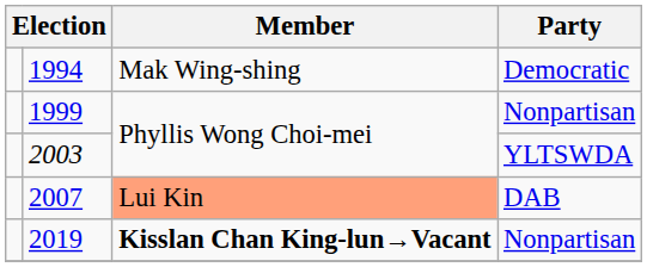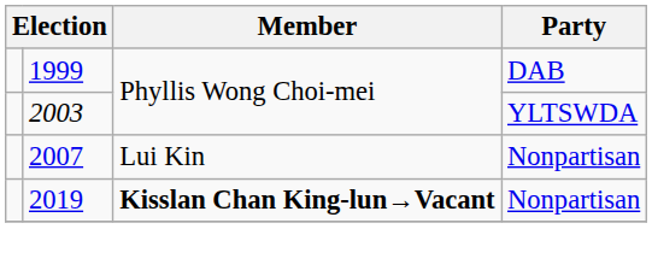 <table class="wikitable">
 <tr>
 <th colspan="2">Election</th>
 <th>Member</th>
 <th>Party</th>
 </tr>
 <tr>
 <td style="color:inherit;background:"></td>
-<td><a href='#'>1994</a></td>
-<td>Mak Wing-shing</td>
-<td><a href='#'>Democratic</a></td>
-</tr>
-<tr>
-<td style="color:inherit;background:"></td>
 <td><a href='#'>1999</a></td>
 <td rowspan=2>Phyllis Wong Choi-mei</td>
-<td><a href='#'>Nonpartisan</a></td>
+<td><a href='#'>DAB</a></td>
 </tr>
 <tr>
 <td style="color:inherit;background:"></td>
 <td><em>2003</em></td>
 <td><a href='#'>YLTSWDA</a></td>
 </tr>
 <tr>
 <td style="color:inherit;background:"></td>
 <td><a href='#'>2007</a></td>
-<td style="background: lightsalmon;">Lui Kin</td>
-<td><a href='#'>DAB</a></td>
+<td>Lui Kin</td>
+<td><a href='#'>Nonpartisan</a></td>
 </tr>
 <tr>
 <td style="color:inherit;background:"></td>
 <td><a href='#'>2019</a></td>
 <td><strong>Kisslan Chan King-lun→Vacant</strong></td>
 <td><a href='#'>Nonpartisan</a></td>
 </tr>
 <tr>
 </tr>
 </table>
